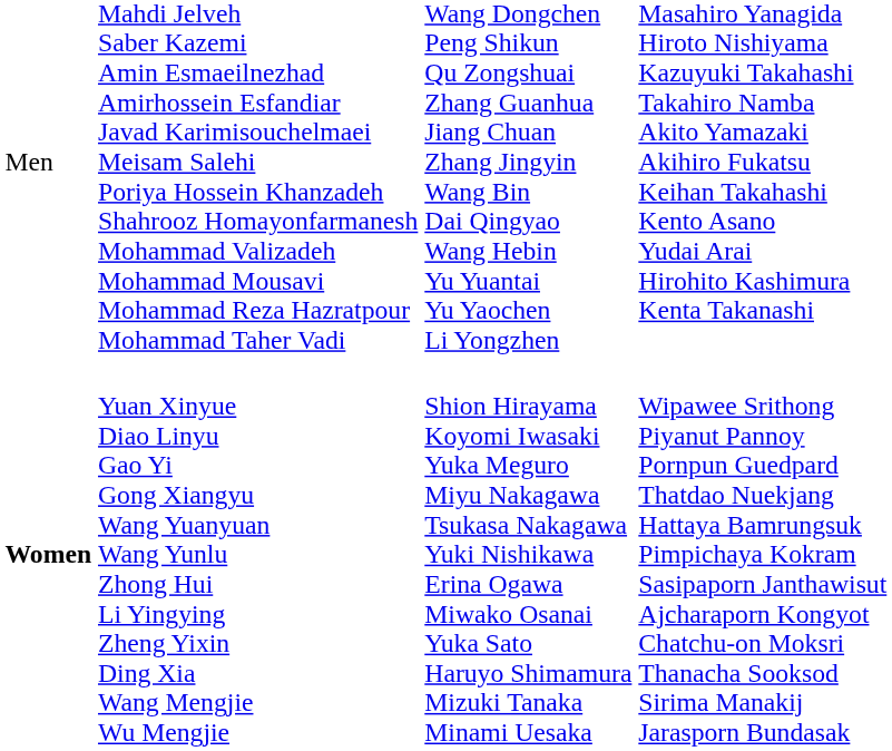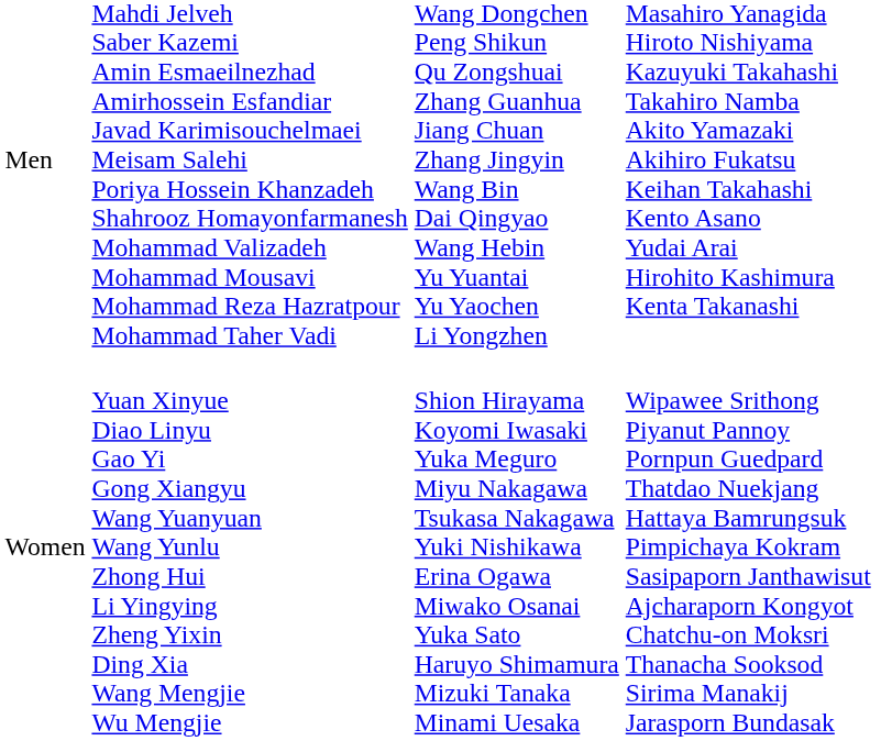 <table>
 <tr>
 <td>Men<br></td>
 <td><br><a href='#'>Mahdi Jelveh</a><br><a href='#'>Saber Kazemi</a><br><a href='#'>Amin Esmaeilnezhad</a><br><a href='#'>Amirhossein Esfandiar</a><br><a href='#'>Javad Karimisouchelmaei</a><br><a href='#'>Meisam Salehi</a><br><a href='#'>Poriya Hossein Khanzadeh</a><br><a href='#'>Shahrooz Homayonfarmanesh</a><br><a href='#'>Mohammad Valizadeh</a><br><a href='#'>Mohammad Mousavi</a><br><a href='#'>Mohammad Reza Hazratpour</a><br><a href='#'>Mohammad Taher Vadi</a></td>
 <td valign=top><br><a href='#'>Wang Dongchen</a><br><a href='#'>Peng Shikun</a><br><a href='#'>Qu Zongshuai</a><br><a href='#'>Zhang Guanhua</a><br><a href='#'>Jiang Chuan</a><br><a href='#'>Zhang Jingyin</a><br><a href='#'>Wang Bin</a><br><a href='#'>Dai Qingyao</a><br><a href='#'>Wang Hebin</a><br><a href='#'>Yu Yuantai</a><br><a href='#'>Yu Yaochen</a><br><a href='#'>Li Yongzhen</a></td>
 <td valign=top><br><a href='#'>Masahiro Yanagida</a><br><a href='#'>Hiroto Nishiyama</a><br><a href='#'>Kazuyuki Takahashi</a><br><a href='#'>Takahiro Namba</a><br><a href='#'>Akito Yamazaki</a><br><a href='#'>Akihiro Fukatsu</a><br><a href='#'>Keihan Takahashi</a><br><a href='#'>Kento Asano</a><br><a href='#'>Yudai Arai</a><br><a href='#'>Hirohito Kashimura</a><br><a href='#'>Kenta Takanashi</a></td>
 </tr>
 <tr>
-<td><strong>Women<br></strong></td>
+<td>Women<br></td>
 <td><br><a href='#'>Yuan Xinyue</a><br><a href='#'>Diao Linyu</a><br><a href='#'>Gao Yi</a><br><a href='#'>Gong Xiangyu</a><br><a href='#'>Wang Yuanyuan</a><br><a href='#'>Wang Yunlu</a><br><a href='#'>Zhong Hui</a><br><a href='#'>Li Yingying</a><br><a href='#'>Zheng Yixin</a><br><a href='#'>Ding Xia</a><br><a href='#'>Wang Mengjie</a><br><a href='#'>Wu Mengjie</a></td>
 <td><br><a href='#'>Shion Hirayama</a><br><a href='#'>Koyomi Iwasaki</a><br><a href='#'>Yuka Meguro</a><br><a href='#'>Miyu Nakagawa</a><br><a href='#'>Tsukasa Nakagawa</a><br><a href='#'>Yuki Nishikawa</a><br><a href='#'>Erina Ogawa</a><br><a href='#'>Miwako Osanai</a><br><a href='#'>Yuka Sato</a><br><a href='#'>Haruyo Shimamura</a><br><a href='#'>Mizuki Tanaka</a><br><a href='#'>Minami Uesaka</a></td>
 <td valign=top><br><a href='#'>Wipawee Srithong</a><br><a href='#'>Piyanut Pannoy</a><br><a href='#'>Pornpun Guedpard</a><br><a href='#'>Thatdao Nuekjang</a><br><a href='#'>Hattaya Bamrungsuk</a><br><a href='#'>Pimpichaya Kokram</a><br><a href='#'>Sasipaporn Janthawisut</a><br><a href='#'>Ajcharaporn Kongyot</a><br><a href='#'>Chatchu-on Moksri</a><br><a href='#'>Thanacha Sooksod</a><br><a href='#'>Sirima Manakij</a><br><a href='#'>Jarasporn Bundasak</a></td>
 </tr>
 </table>
